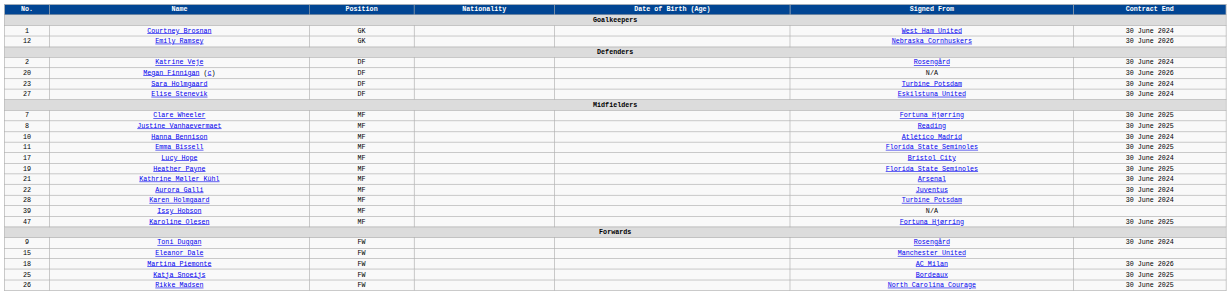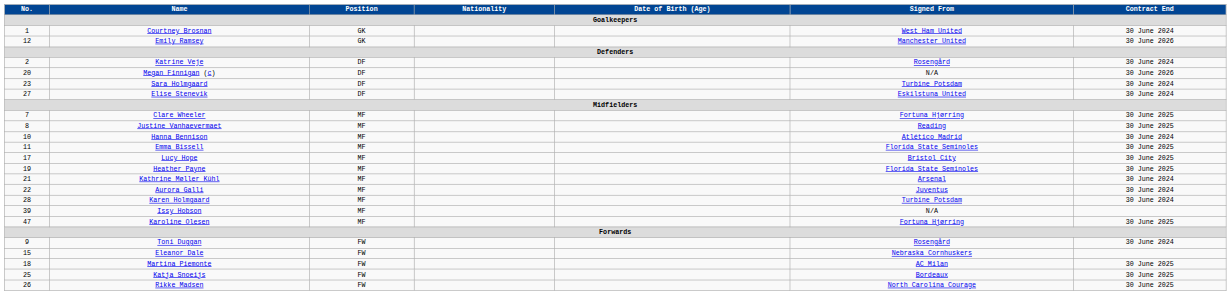 <table class="wikitable" style="text-align:center; font-size:84.5%; width:101%;">
 <tr>
 <th style="color:white; background:#014593; text-align:center;">No.</th>
 <th style="color:white; background:#014593; text-align:center;">Name</th>
 <th style="color:white; background:#014593; text-align:center;">Position</th>
 <th style="color:white; background:#014593; text-align:center;">Nationality</th>
 <th style="color:white; background:#014593; text-align:center;">Date of Birth (Age)</th>
 <th style="color:white; background:#014593; text-align:center;">Signed From</th>
 <th style="color:white; background:#014593; text-align:center;">Contract End</th>
 </tr>
 <tr>
 <th colspan="14" style="background:#dcdcdc; tepxt-align:center;">Goalkeepers</th>
 </tr>
 <tr>
 <td>1</td>
 <td><a href='#'>Courtney Brosnan</a></td>
 <td>GK</td>
 <td></td>
 <td></td>
 <td><a href='#'>West Ham United</a></td>
 <td>30 June 2024</td>
 </tr>
 <tr>
 <td>12</td>
 <td><a href='#'>Emily Ramsey</a></td>
 <td>GK</td>
 <td></td>
 <td></td>
-<td><a href='#'>Nebraska Cornhuskers</a></td>
+<td><a href='#'>Manchester United</a></td>
 <td>30 June 2026</td>
 </tr>
 <tr>
 <th colspan="14" style="background:#dcdcdc; tepxt-align:center;">Defenders</th>
 </tr>
 <tr>
 <td>2</td>
 <td><a href='#'>Katrine Veje</a></td>
 <td>DF</td>
 <td></td>
 <td></td>
 <td><a href='#'>Rosengård</a></td>
 <td>30 June 2024</td>
 </tr>
 <tr>
 <td>20</td>
 <td><a href='#'>Megan Finnigan</a> (<a href='#'>c</a>)</td>
 <td>DF</td>
 <td></td>
 <td></td>
 <td>N/A</td>
 <td>30 June 2026</td>
 </tr>
 <tr>
 <td>23</td>
 <td><a href='#'>Sara Holmgaard</a></td>
 <td>DF</td>
 <td></td>
 <td></td>
 <td><a href='#'>Turbine Potsdam</a></td>
 <td>30 June 2024</td>
 </tr>
 <tr>
 <td>27</td>
 <td><a href='#'>Elise Stenevik</a></td>
 <td>DF</td>
 <td></td>
 <td></td>
 <td><a href='#'>Eskilstuna United</a></td>
 <td>30 June 2024</td>
 </tr>
 <tr>
 <th colspan="14" style="background:#dcdcdc; tepxt-align:center;">Midfielders</th>
 </tr>
 <tr>
 <td>7</td>
 <td><a href='#'>Clare Wheeler</a></td>
 <td>MF</td>
 <td></td>
 <td></td>
 <td><a href='#'>Fortuna Hjørring</a></td>
 <td>30 June 2025</td>
 </tr>
 <tr>
 <td>8</td>
 <td><a href='#'>Justine Vanhaevermaet</a></td>
 <td>MF</td>
 <td></td>
 <td></td>
 <td><a href='#'>Reading</a></td>
 <td>30 June 2025</td>
 </tr>
 <tr>
 <td>10</td>
 <td><a href='#'>Hanna Bennison</a></td>
 <td>MF</td>
 <td></td>
 <td></td>
 <td><a href='#'>Atlético Madrid</a></td>
 <td>30 June 2024</td>
 </tr>
 <tr>
 <td>11</td>
 <td><a href='#'>Emma Bissell</a></td>
 <td>MF</td>
 <td></td>
 <td></td>
 <td><a href='#'>Florida State Seminoles</a></td>
 <td>30 June 2025</td>
 </tr>
 <tr>
 <td>17</td>
 <td><a href='#'>Lucy Hope</a></td>
 <td>MF</td>
 <td></td>
 <td></td>
 <td><a href='#'>Bristol City</a></td>
-<td>30 June 2024</td>
+<td>30 June 2025</td>
 </tr>
 <tr>
 <td>19</td>
 <td><a href='#'>Heather Payne</a></td>
 <td>MF</td>
 <td></td>
 <td></td>
 <td><a href='#'>Florida State Seminoles</a></td>
 <td>30 June 2025</td>
 </tr>
 <tr>
 <td>21</td>
 <td><a href='#'>Kathrine Møller Kühl</a></td>
 <td>MF</td>
 <td></td>
 <td></td>
 <td><a href='#'>Arsenal</a></td>
 <td>30 June 2024</td>
 </tr>
 <tr>
 <td>22</td>
 <td><a href='#'>Aurora Galli</a></td>
 <td>MF</td>
 <td></td>
 <td></td>
 <td><a href='#'>Juventus</a></td>
 <td>30 June 2024</td>
 </tr>
 <tr>
 <td>28</td>
 <td><a href='#'>Karen Holmgaard</a></td>
 <td>MF</td>
 <td></td>
 <td></td>
 <td><a href='#'>Turbine Potsdam</a></td>
 <td>30 June 2024</td>
 </tr>
 <tr>
 <td>39</td>
 <td><a href='#'>Issy Hobson</a></td>
 <td>MF</td>
 <td></td>
 <td></td>
 <td>N/A</td>
 <td></td>
 </tr>
 <tr>
 <td>47</td>
 <td><a href='#'>Karoline Olesen</a></td>
 <td>MF</td>
 <td></td>
 <td></td>
 <td><a href='#'>Fortuna Hjørring</a></td>
 <td>30 June 2025</td>
 </tr>
 <tr>
 <th colspan="14" style="background:#dcdcdc; tepxt-align:center;">Forwards</th>
 </tr>
 <tr>
 <td>9</td>
 <td><a href='#'>Toni Duggan</a></td>
 <td>FW</td>
 <td></td>
 <td></td>
 <td><a href='#'>Rosengård</a></td>
 <td>30 June 2024</td>
 </tr>
 <tr>
 <td>15</td>
 <td><a href='#'>Eleanor Dale</a></td>
 <td>FW</td>
 <td></td>
 <td></td>
-<td><a href='#'>Manchester United</a></td>
+<td><a href='#'>Nebraska Cornhuskers</a></td>
 <td></td>
 </tr>
 <tr>
 <td>18</td>
 <td><a href='#'>Martina Piemonte</a></td>
 <td>FW</td>
 <td></td>
 <td></td>
 <td><a href='#'>AC Milan</a></td>
-<td>30 June 2026</td>
+<td>30 June 2025</td>
 </tr>
 <tr>
 <td>25</td>
 <td><a href='#'>Katja Snoeijs</a></td>
 <td>FW</td>
 <td></td>
 <td></td>
 <td><a href='#'>Bordeaux</a></td>
 <td>30 June 2025</td>
 </tr>
 <tr>
 <td>26</td>
 <td><a href='#'>Rikke Madsen</a></td>
 <td>FW</td>
 <td></td>
 <td></td>
 <td><a href='#'>North Carolina Courage</a></td>
 <td>30 June 2025</td>
 </tr>
 </table>
